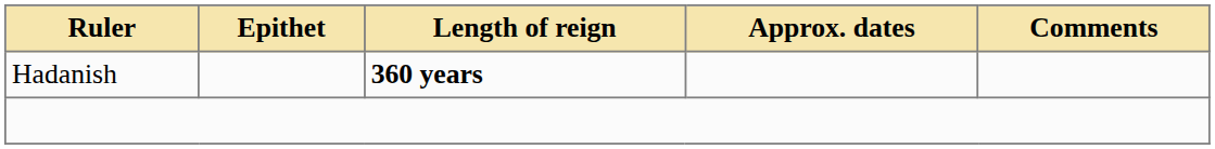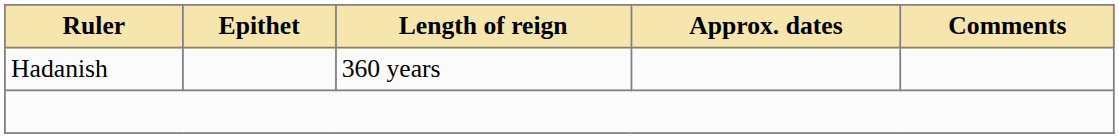 <table class="nowraplinks" cellspacing="0" cellpadding="3" width="600px" rules="all" style="background:#fbfbfb; border-style: solid; border-width: 1px; font-size:90%; empty-cells:show; border-collapse:collapse; width:100%;">
 <tr bgcolor="#F6E6AE">
 <th>Ruler</th>
 <th>Epithet</th>
 <th>Length of reign</th>
 <th>Approx. dates</th>
 <th>Comments</th>
 </tr>
 <tr>
 <td>Hadanish</td>
 <td></td>
-<td><strong>360 years</strong></td>
+<td>360 years</td>
 <td></td>
 <td></td>
 </tr>
 <tr>
 <td colspan="5"><br></td>
 </tr>
 </table>
